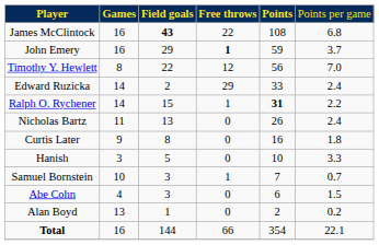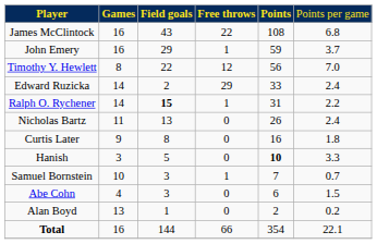 <table class="wikitable" width=" ">
 <tr align="center"  style="background:#042A5C; color:#FCE21C;">
 <td><strong>Player</strong></td>
 <td><strong>Games</strong></td>
 <td><strong>Field goals</strong></td>
 <td><strong>Free throws</strong></td>
 <td><strong>Points</strong></td>
 <td>Points per game</td>
 </tr>
 <tr align="center" bgcolor="">
 <td>James McClintock</td>
 <td>16</td>
-<td><strong>43</strong></td>
+<td>43</td>
 <td>22</td>
 <td>108</td>
 <td>6.8</td>
 </tr>
 <tr align="center" bgcolor="">
 <td>John Emery</td>
 <td>16</td>
 <td>29</td>
-<td><strong>1</strong></td>
+<td>1</td>
 <td>59</td>
 <td>3.7</td>
 </tr>
 <tr align="center" bgcolor="">
 <td><a href='#'>Timothy Y. Hewlett</a></td>
 <td>8</td>
 <td>22</td>
 <td>12</td>
 <td>56</td>
 <td>7.0</td>
 </tr>
 <tr align="center" bgcolor="">
 <td>Edward Ruzicka</td>
 <td>14</td>
 <td>2</td>
 <td>29</td>
 <td>33</td>
 <td>2.4</td>
 </tr>
 <tr align="center" bgcolor="">
 <td><a href='#'>Ralph O. Rychener</a></td>
 <td>14</td>
-<td>15</td>
+<td><strong>15</strong></td>
 <td>1</td>
-<td><strong>31</strong></td>
+<td>31</td>
 <td>2.2</td>
 </tr>
 <tr align="center" bgcolor="">
 <td>Nicholas Bartz</td>
 <td>11</td>
 <td>13</td>
 <td>0</td>
 <td>26</td>
 <td>2.4</td>
 </tr>
 <tr align="center" bgcolor="">
 <td>Curtis Later</td>
 <td>9</td>
 <td>8</td>
 <td>0</td>
 <td>16</td>
 <td>1.8</td>
 </tr>
 <tr align="center" bgcolor="">
 <td>Hanish</td>
 <td>3</td>
 <td>5</td>
 <td>0</td>
-<td>10</td>
+<td><strong>10</strong></td>
 <td>3.3</td>
 </tr>
 <tr align="center" bgcolor="">
 <td>Samuel Bornstein</td>
 <td>10</td>
 <td>3</td>
 <td>1</td>
 <td>7</td>
 <td>0.7</td>
 </tr>
 <tr align="center" bgcolor="">
 <td><a href='#'>Abe Cohn</a></td>
 <td>4</td>
 <td>3</td>
 <td>0</td>
 <td>6</td>
 <td>1.5</td>
 </tr>
 <tr align="center" bgcolor="">
 <td>Alan Boyd</td>
 <td>13</td>
 <td>1</td>
 <td>0</td>
 <td>2</td>
 <td>0.2</td>
 </tr>
 <tr align="center" bgcolor="">
 <td><strong>Total</strong></td>
 <td>16</td>
 <td>144</td>
 <td>66</td>
 <td>354</td>
 <td>22.1</td>
 </tr>
 <tr align="center" bgcolor="">
 </tr>
 </table>
